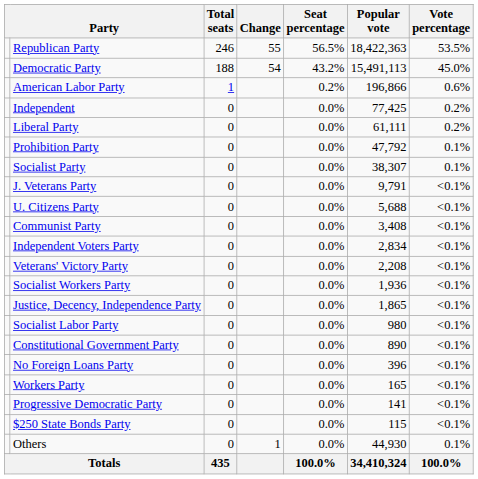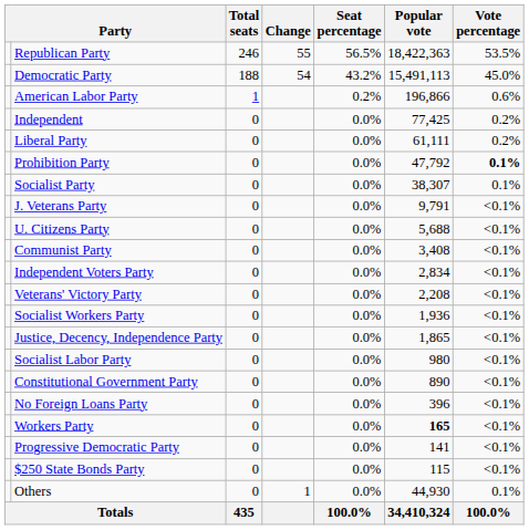 <table class=wikitable>
 <tr valign=bottom>
 <th colspan=2>Party</th>
 <th>Total<br>seats</th>
 <th>Change</th>
 <th>Seat<br>percentage</th>
 <th>Popular<br>vote</th>
 <th>Vote<br>percentage</th>
 </tr>
 <tr>
 <td></td>
 <td><a href='#'>Republican Party</a></td>
 <td align=right >246</td>
 <td align=right > 55</td>
 <td align=right >56.5%</td>
 <td align=right >18,422,363</td>
 <td align=right >53.5%</td>
 </tr>
 <tr>
 <td></td>
 <td><a href='#'>Democratic Party</a></td>
 <td align=right>188</td>
 <td align=right> 54</td>
 <td align=right>43.2%</td>
 <td align=right>15,491,113</td>
 <td align=right>45.0%</td>
 </tr>
 <tr>
 <td></td>
 <td><a href='#'>American Labor Party</a></td>
 <td align=right><a href='#'>1</a></td>
 <td align=right></td>
 <td align=right>0.2%</td>
 <td align=right>196,866</td>
 <td align=right>0.6%</td>
 </tr>
 <tr>
 <td></td>
 <td><a href='#'>Independent</a></td>
 <td align=right>0</td>
 <td align=right></td>
 <td align=right>0.0%</td>
 <td align=right>77,425</td>
 <td align=right>0.2%</td>
 </tr>
 <tr>
 <td></td>
 <td><a href='#'>Liberal Party</a></td>
 <td align=right>0</td>
 <td align=right></td>
 <td align=right>0.0%</td>
 <td align=right>61,111</td>
 <td align=right>0.2%</td>
 </tr>
 <tr>
 <td></td>
 <td><a href='#'>Prohibition Party</a></td>
 <td align=right>0</td>
 <td align=right></td>
 <td align=right>0.0%</td>
 <td align=right>47,792</td>
-<td align=right>0.1%</td>
+<td align=right><strong>0.1%</strong></td>
 </tr>
 <tr>
 <td></td>
 <td><a href='#'>Socialist Party</a></td>
 <td align=right>0</td>
 <td align=right></td>
 <td align=right>0.0%</td>
 <td align=right>38,307</td>
 <td align=right>0.1%</td>
 </tr>
 <tr>
 <td></td>
 <td><a href='#'>J. Veterans Party</a></td>
 <td align=right>0</td>
 <td align=right></td>
 <td align=right>0.0%</td>
 <td align=right>9,791</td>
 <td align=right><0.1%</td>
 </tr>
 <tr>
 <td></td>
 <td><a href='#'>U. Citizens Party</a></td>
 <td align=right>0</td>
 <td align=right></td>
 <td align=right>0.0%</td>
 <td align=right>5,688</td>
 <td align=right><0.1%</td>
 </tr>
 <tr>
 <td></td>
 <td><a href='#'>Communist Party</a></td>
 <td align=right>0</td>
 <td align=right></td>
 <td align=right>0.0%</td>
 <td align=right>3,408</td>
 <td align=right><0.1%</td>
 </tr>
 <tr>
 <td></td>
 <td><a href='#'>Independent Voters Party</a></td>
 <td align=right>0</td>
 <td align=right></td>
 <td align=right>0.0%</td>
 <td align=right>2,834</td>
 <td align=right><0.1%</td>
 </tr>
 <tr>
 <td></td>
 <td><a href='#'>Veterans' Victory Party</a></td>
 <td align=right>0</td>
 <td align=right></td>
 <td align=right>0.0%</td>
 <td align=right>2,208</td>
 <td align=right><0.1%</td>
 </tr>
 <tr>
 <td></td>
 <td><a href='#'>Socialist Workers Party</a></td>
 <td align=right>0</td>
 <td align=right></td>
 <td align=right>0.0%</td>
 <td align=right>1,936</td>
 <td align=right><0.1%</td>
 </tr>
 <tr>
 <td></td>
 <td><a href='#'>Justice, Decency, Independence Party</a></td>
 <td align=right>0</td>
 <td align=right></td>
 <td align=right>0.0%</td>
 <td align=right>1,865</td>
 <td align=right><0.1%</td>
 </tr>
 <tr>
 <td></td>
 <td><a href='#'>Socialist Labor Party</a></td>
 <td align=right>0</td>
 <td align=right></td>
 <td align=right>0.0%</td>
 <td align=right>980</td>
 <td align=right><0.1%</td>
 </tr>
 <tr>
 <td></td>
 <td><a href='#'>Constitutional Government Party</a></td>
 <td align=right>0</td>
 <td align=right></td>
 <td align=right>0.0%</td>
 <td align=right>890</td>
 <td align=right><0.1%</td>
 </tr>
 <tr>
 <td></td>
 <td><a href='#'>No Foreign Loans Party</a></td>
 <td align=right>0</td>
 <td align=right></td>
 <td align=right>0.0%</td>
 <td align=right>396</td>
 <td align=right><0.1%</td>
 </tr>
 <tr>
 <td></td>
 <td><a href='#'>Workers Party</a></td>
 <td align=right>0</td>
 <td align=right></td>
 <td align=right>0.0%</td>
-<td align=right>165</td>
+<td align=right><strong>165</strong></td>
 <td align=right><0.1%</td>
 </tr>
 <tr>
 <td></td>
 <td><a href='#'>Progressive Democratic Party</a></td>
 <td align=right>0</td>
 <td align=right></td>
 <td align=right>0.0%</td>
 <td align=right>141</td>
 <td align=right><0.1%</td>
 </tr>
 <tr>
 <td></td>
 <td><a href='#'>$250 State Bonds Party</a></td>
 <td align=right>0</td>
 <td align=right></td>
 <td align=right>0.0%</td>
 <td align=right>115</td>
 <td align=right><0.1%</td>
 </tr>
 <tr>
 <td></td>
 <td>Others</td>
 <td align=right>0</td>
 <td align=right> 1</td>
 <td align=right>0.0%</td>
 <td align=right>44,930</td>
 <td align=right>0.1%</td>
 </tr>
 <tr>
 <th colspan=2>Totals</th>
 <th align=right>435</th>
 <th align=right></th>
 <th align=right>100.0%</th>
 <th align=right>34,410,324</th>
 <th align=right>100.0%</th>
 </tr>
 </table>
